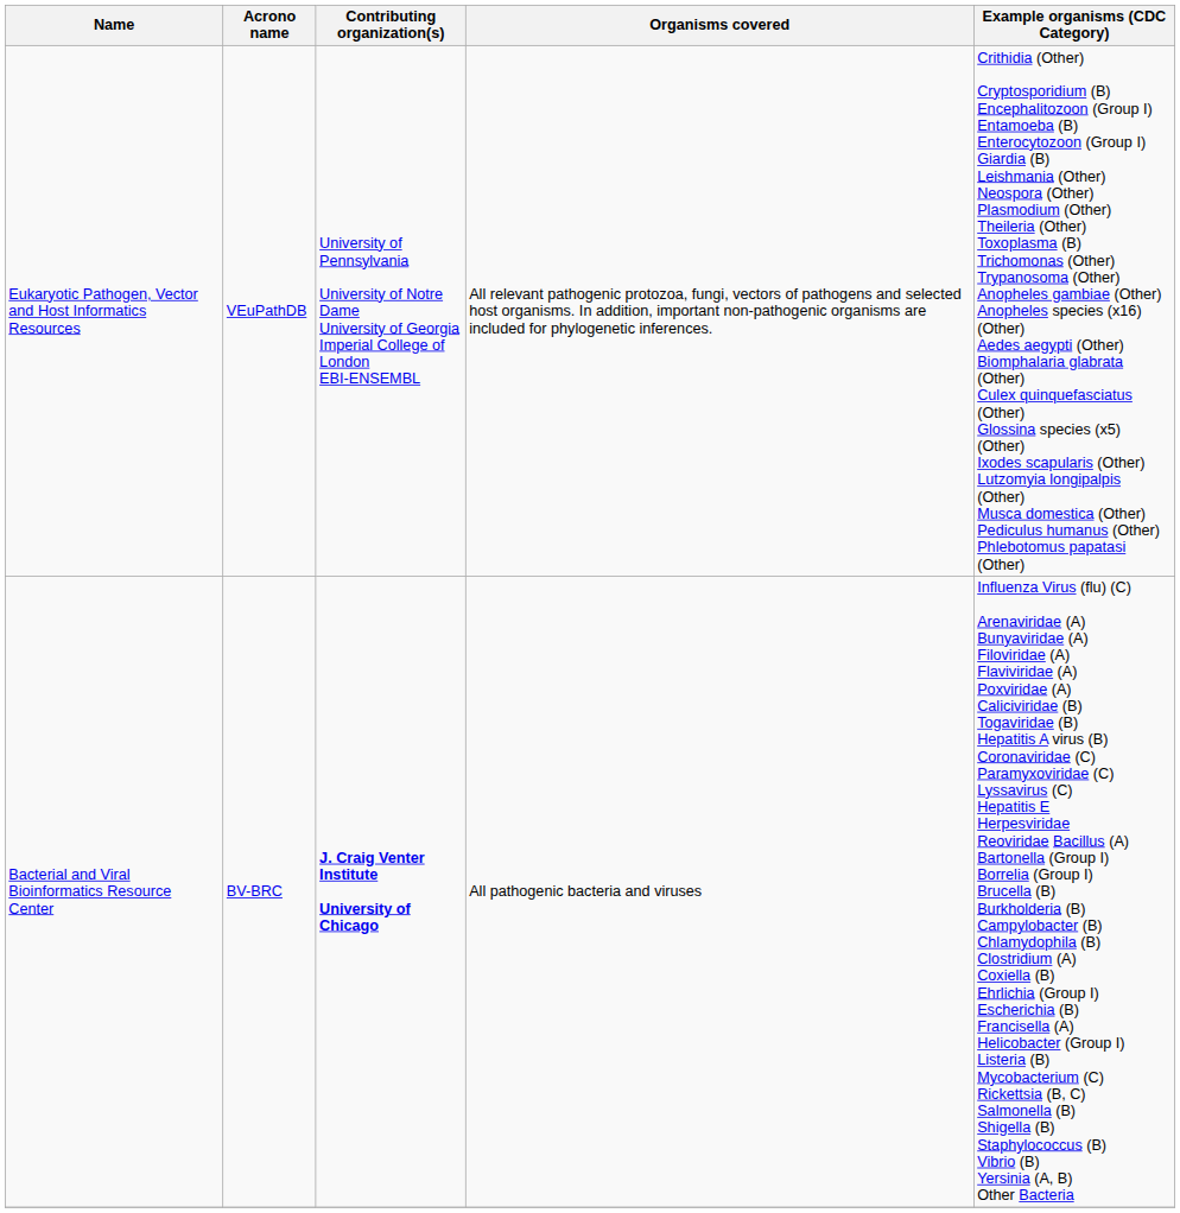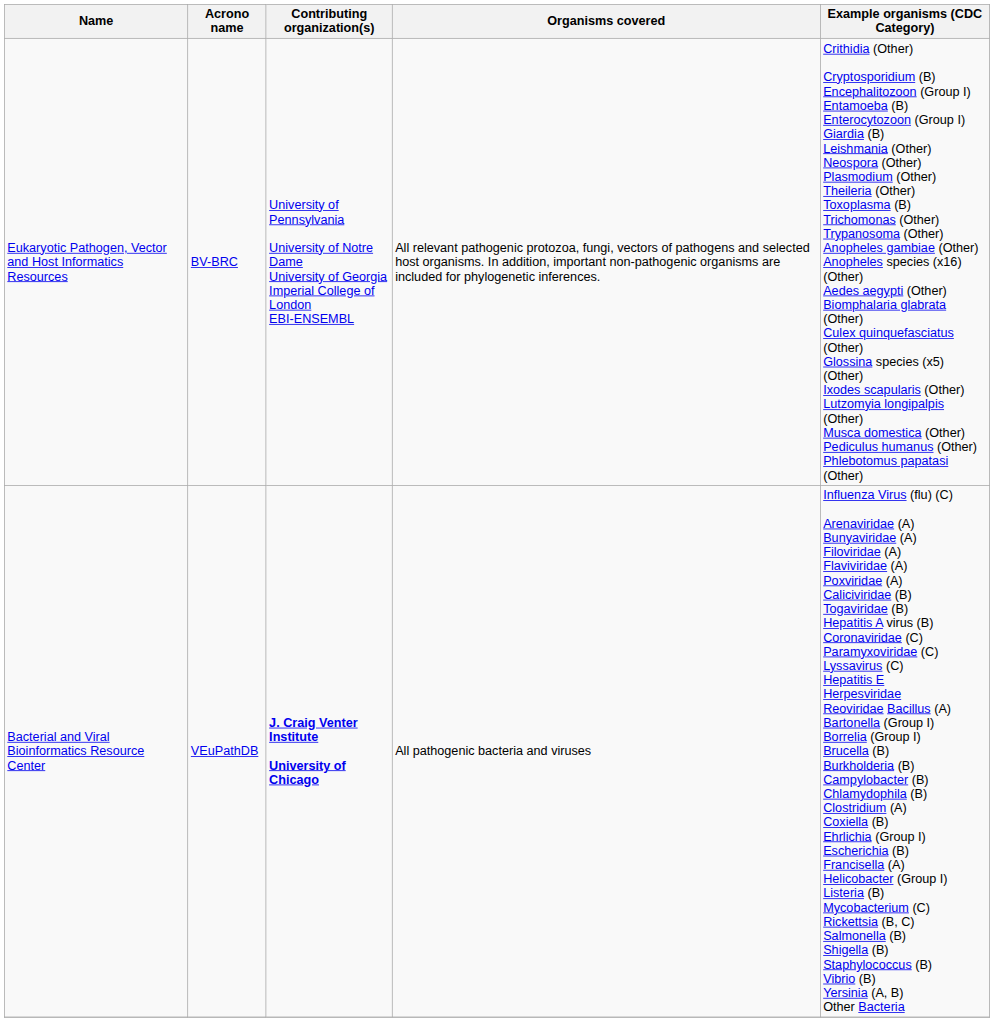 <table class="wikitable">
 <tr>
 <th>Name</th>
 <th>Acrono name</th>
 <th>Contributing organization(s)</th>
 <th>Organisms covered</th>
 <th>Example organisms (CDC Category)</th>
 </tr>
 <tr>
 <td><a href='#'>Eukaryotic Pathogen, Vector and Host Informatics Resources</a></td>
-<td><a href='#'>VEuPathDB</a></td>
+<td><a href='#'>BV-BRC</a></td>
 <td><a href='#'>University of Pennsylvania</a> <br><br><a href='#'>University of Notre Dame</a><br> <a href='#'>University of Georgia</a><br> <a href='#'>Imperial College of London</a><br> <a href='#'>EBI-ENSEMBL</a></td>
 <td>All relevant pathogenic protozoa, fungi, vectors of pathogens and selected host organisms. In addition, important non-pathogenic organisms are included for phylogenetic inferences.</td>
 <td><a href='#'>Crithidia</a> (Other) <br><br><a href='#'>Cryptosporidium</a> (B) <br> <a href='#'>Encephalitozoon</a> (Group I) <br> <a href='#'>Entamoeba</a> (B) <br> <a href='#'>Enterocytozoon</a> (Group I) <br> <a href='#'>Giardia</a> (B) <br> <a href='#'>Leishmania</a> (Other) <br> <a href='#'>Neospora</a> (Other) <br> <a href='#'>Plasmodium</a> (Other)<br> <a href='#'>Theileria</a> (Other) <br> <a href='#'>Toxoplasma</a> (B) <br> <a href='#'>Trichomonas</a> (Other) <br> <a href='#'>Trypanosoma</a> (Other) <a href='#'>Anopheles gambiae</a> (Other) <br> <a href='#'>Anopheles</a> species (x16) (Other)<br> <a href='#'>Aedes aegypti</a> (Other)<br> <a href='#'>Biomphalaria glabrata</a> (Other)<br> <a href='#'>Culex quinquefasciatus</a> (Other)<br> <a href='#'>Glossina</a> species (x5) (Other)<br> <a href='#'>Ixodes scapularis</a> (Other)<br> <a href='#'>Lutzomyia longipalpis</a> (Other)<br> <a href='#'>Musca domestica</a> (Other)<br> <a href='#'>Pediculus humanus</a> (Other)<br> <a href='#'>Phlebotomus papatasi</a> (Other)</td>
 </tr>
 <tr>
 <td><a href='#'>Bacterial and Viral Bioinformatics Resource Center</a></td>
-<td><a href='#'>BV-BRC</a></td>
+<td><a href='#'>VEuPathDB</a></td>
 <td><strong><a href='#'>J. Craig Venter Institute</a> <br><br><a href='#'>University of Chicago</a></strong></td>
 <td>All pathogenic bacteria and viruses</td>
 <td><a href='#'>Influenza Virus</a> (flu) (C)<br><br><a href='#'>Arenaviridae</a> (A)<br> <a href='#'>Bunyaviridae</a> (A)<br> <a href='#'>Filoviridae</a> (A)<br> <a href='#'>Flaviviridae</a> (A)<br> <a href='#'>Poxviridae</a> (A)<br> <a href='#'>Caliciviridae</a> (B)<br> <a href='#'>Togaviridae</a> (B)<br> <a href='#'>Hepatitis A</a> virus (B) <br> <a href='#'>Coronaviridae</a> (C)<br> <a href='#'>Paramyxoviridae</a> (C)<br> <a href='#'>Lyssavirus</a> (C)<br> <a href='#'>Hepatitis E</a><br> <a href='#'>Herpesviridae</a><br> <a href='#'>Reoviridae</a> <a href='#'>Bacillus</a> (A) <br> <a href='#'>Bartonella</a> (Group I) <br> <a href='#'>Borrelia</a> (Group I) <br> <a href='#'>Brucella</a> (B) <br> <a href='#'>Burkholderia</a> (B) <br> <a href='#'>Campylobacter</a> (B) <br> <a href='#'>Chlamydophila</a> (B) <br> <a href='#'>Clostridium</a> (A) <br> <a href='#'>Coxiella</a> (B) <br> <a href='#'>Ehrlichia</a> (Group I) <br> <a href='#'>Escherichia</a> (B) <br> <a href='#'>Francisella</a> (A) <br> <a href='#'>Helicobacter</a> (Group I) <br> <a href='#'>Listeria</a> (B) <br> <a href='#'>Mycobacterium</a> (C) <br> <a href='#'>Rickettsia</a> (B, C) <br> <a href='#'>Salmonella</a> (B) <br> <a href='#'>Shigella</a> (B) <br> <a href='#'>Staphylococcus</a> (B) <br> <a href='#'>Vibrio</a> (B) <br> <a href='#'>Yersinia</a> (A, B) <br> Other <a href='#'>Bacteria</a> <br></td>
 </tr>
 <tr>
 </tr>
 </table>
